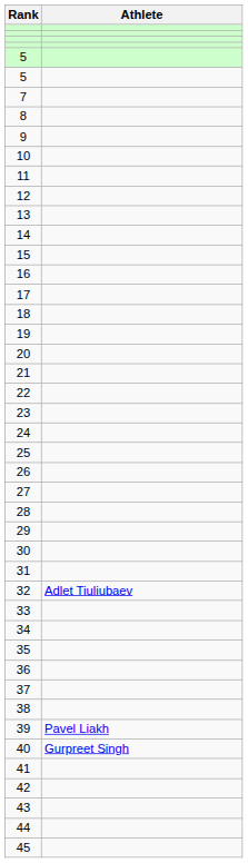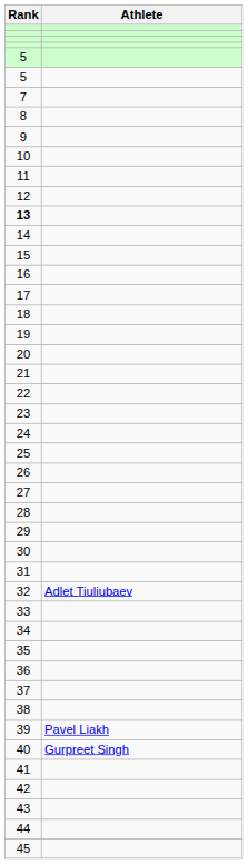 <table class="wikitable" style="text-align: center;">
 <tr>
 <th width=40>Rank</th>
 <th width=250>Athlete</th>
 </tr>
 <tr bgcolor=#ccffcc>
 <td></td>
 <td align="left"></td>
 </tr>
 <tr bgcolor=#ccffcc>
 <td></td>
 <td align="left"></td>
 </tr>
 <tr bgcolor=#ccffcc>
 <td></td>
 <td align="left"></td>
 </tr>
 <tr bgcolor=#ccffcc>
 <td></td>
 <td align="left"></td>
 </tr>
 <tr bgcolor=#ccffcc>
 <td>5</td>
 <td align="left"></td>
 </tr>
 <tr>
 <td>5</td>
 <td align="left"></td>
 </tr>
 <tr>
 <td>7</td>
 <td align="left"></td>
 </tr>
 <tr>
 <td>8</td>
 <td align="left"></td>
 </tr>
 <tr>
 <td>9</td>
 <td align="left"></td>
 </tr>
 <tr>
 <td>10</td>
 <td align="left"></td>
 </tr>
 <tr>
 <td>11</td>
 <td align="left"></td>
 </tr>
 <tr>
 <td>12</td>
 <td align="left"></td>
 </tr>
 <tr>
-<td>13</td>
+<td><strong>13</strong></td>
 <td align="left"></td>
 </tr>
 <tr>
 <td>14</td>
 <td align="left"></td>
 </tr>
 <tr>
 <td>15</td>
 <td align="left"></td>
 </tr>
 <tr>
 <td>16</td>
 <td align="left"></td>
 </tr>
 <tr>
 <td>17</td>
 <td align="left"></td>
 </tr>
 <tr>
 <td>18</td>
 <td align="left"></td>
 </tr>
 <tr>
 <td>19</td>
 <td align="left"></td>
 </tr>
 <tr>
 <td>20</td>
 <td align="left"></td>
 </tr>
 <tr>
 <td>21</td>
 <td align="left"></td>
 </tr>
 <tr>
 <td>22</td>
 <td align="left"></td>
 </tr>
 <tr>
 <td>23</td>
 <td align="left"></td>
 </tr>
 <tr>
 <td>24</td>
 <td align="left"></td>
 </tr>
 <tr>
 <td>25</td>
 <td align="left"></td>
 </tr>
 <tr>
 <td>26</td>
 <td align="left"></td>
 </tr>
 <tr>
 <td>27</td>
 <td align="left"></td>
 </tr>
 <tr>
 <td>28</td>
 <td align="left"></td>
 </tr>
 <tr>
 <td>29</td>
 <td align="left"></td>
 </tr>
 <tr>
 <td>30</td>
 <td align="left"></td>
 </tr>
 <tr>
 <td>31</td>
 <td align="left"></td>
 </tr>
 <tr>
 <td>32</td>
 <td align="left"> <a href='#'>Adlet Tiuliubaev</a> </td>
 </tr>
 <tr>
 <td>33</td>
 <td align="left"></td>
 </tr>
 <tr>
 <td>34</td>
 <td align="left"></td>
 </tr>
 <tr>
 <td>35</td>
 <td align="left"></td>
 </tr>
 <tr>
 <td>36</td>
 <td align="left"></td>
 </tr>
 <tr>
 <td>37</td>
 <td align="left"></td>
 </tr>
 <tr>
 <td>38</td>
 <td align="left"></td>
 </tr>
 <tr>
 <td>39</td>
 <td align="left"> <a href='#'>Pavel Liakh</a> </td>
 </tr>
 <tr>
 <td>40</td>
 <td align="left"> <a href='#'>Gurpreet Singh</a> </td>
 </tr>
 <tr>
 <td>41</td>
 <td align="left"></td>
 </tr>
 <tr>
 <td>42</td>
 <td align="left"></td>
 </tr>
 <tr>
 <td>43</td>
 <td align="left"></td>
 </tr>
 <tr>
 <td>44</td>
 <td align="left"></td>
 </tr>
 <tr>
 <td>45</td>
 <td align="left"></td>
 </tr>
 </table>
